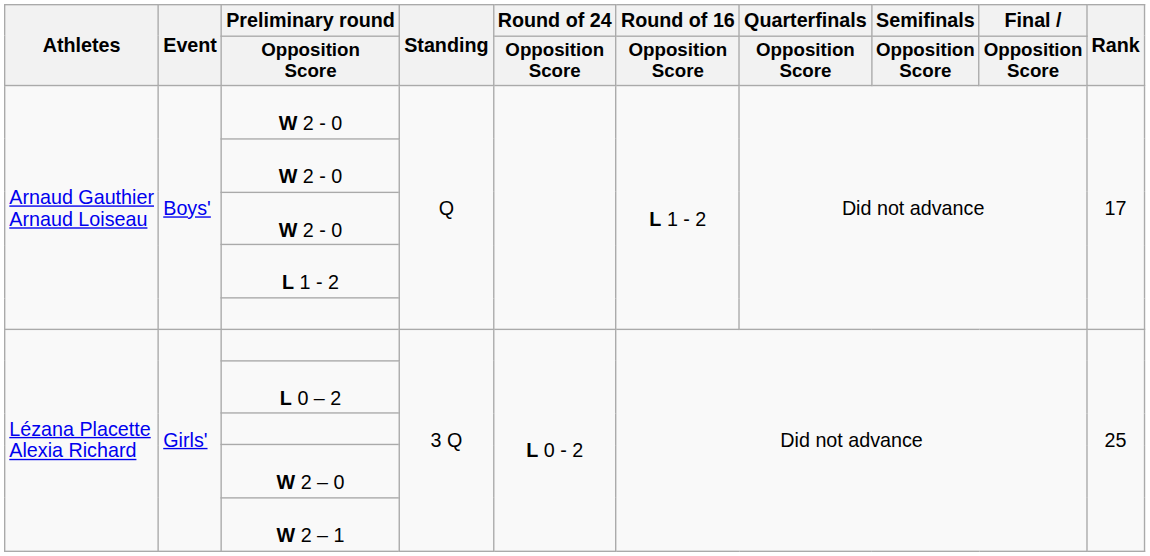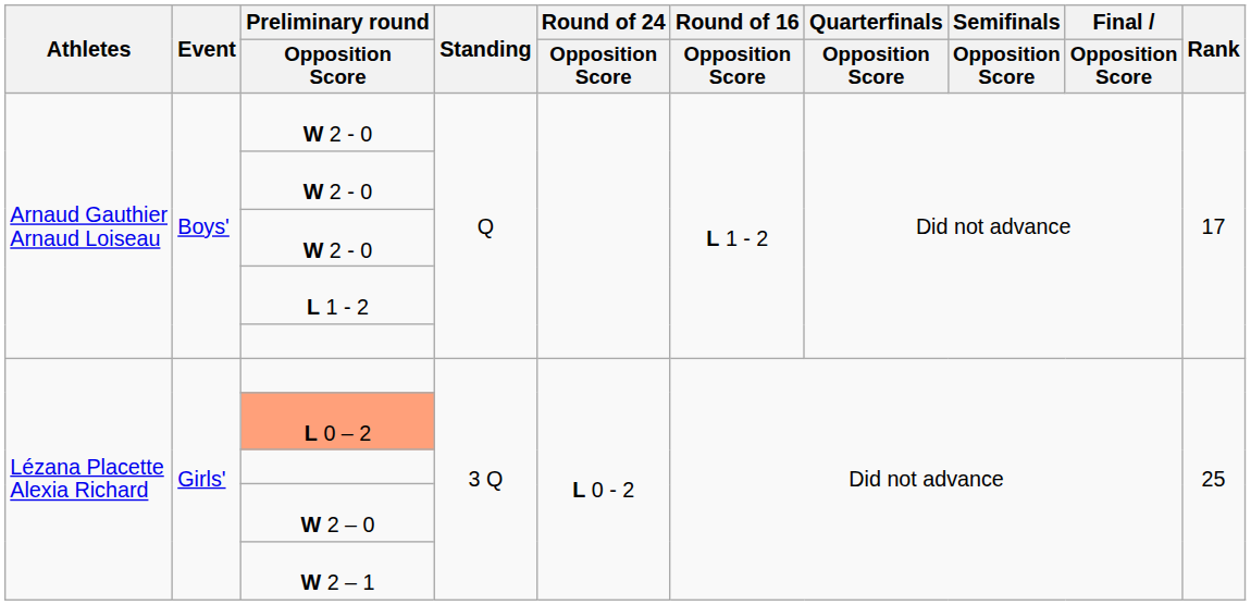 <table class=wikitable style="font-size:90%">
 <tr>
 <th rowspan="2">Athletes</th>
 <th rowspan="2">Event</th>
 <th>Preliminary round</th>
 <th rowspan="2">Standing</th>
 <th>Round of 24</th>
 <th>Round of 16</th>
 <th>Quarterfinals</th>
 <th>Semifinals</th>
 <th>Final / </th>
 <th rowspan=2>Rank</th>
 </tr>
 <tr style="font-size:95%">
 <th>Opposition<br>Score</th>
 <th>Opposition<br>Score</th>
 <th>Opposition<br>Score</th>
 <th>Opposition<br>Score</th>
 <th>Opposition<br>Score</th>
 <th>Opposition<br>Score</th>
 </tr>
 <tr align=center>
 <td align=left rowspan=5><a href='#'>Arnaud Gauthier</a><br><a href='#'>Arnaud Loiseau</a></td>
 <td align=left rowspan=5><a href='#'>Boys'</a></td>
 <td><br><strong>W</strong> 2 - 0</td>
 <td rowspan=5>Q</td>
 <td rowspan=5></td>
 <td rowspan=5><br><strong>L</strong> 1 - 2</td>
 <td rowspan=5 colspan=3>Did not advance</td>
 <td rowspan=5>17</td>
 </tr>
 <tr align=center>
 <td><br><strong>W</strong> 2 - 0</td>
 </tr>
 <tr align=center>
 <td><br><strong>W</strong> 2 - 0</td>
 </tr>
 <tr align=center>
 <td><br><strong>L</strong> 1 - 2</td>
 </tr>
 <tr align=center>
 <td><br></td>
 </tr>
 <tr align=center>
 <td align=left rowspan=5><a href='#'>Lézana Placette</a><br><a href='#'>Alexia Richard</a></td>
 <td align=left rowspan=5><a href='#'>Girls'</a></td>
 <td><br></td>
 <td rowspan=5>3 Q</td>
 <td rowspan=5><br><strong>L</strong> 0 - 2</td>
 <td rowspan=5 colspan=4>Did not advance</td>
 <td rowspan=5>25</td>
 </tr>
 <tr align=center>
-<td><br><strong>L</strong> 0 – 2</td>
+<td style="background: lightsalmon;"><br><strong>L</strong> 0 – 2</td>
 </tr>
 <tr align=center>
 <td><br></td>
 </tr>
 <tr align=center>
 <td><br><strong>W</strong> 2 – 0</td>
 </tr>
 <tr align=center>
 <td><br><strong>W</strong> 2 – 1</td>
 </tr>
 </table>
